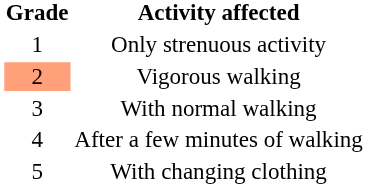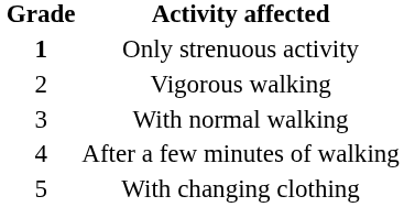 <table class=wikitable" style = "float: right; margin-left:15px; text-align:center">
 <tr>
 <th>Grade</th>
 <th>Activity affected</th>
 </tr>
 <tr>
-<td>1</td>
+<td><strong>1</strong></td>
 <td>Only strenuous activity</td>
 </tr>
 <tr>
-<td style="background: lightsalmon;">2</td>
+<td>2</td>
 <td>Vigorous walking</td>
 </tr>
 <tr>
 <td>3</td>
 <td>With normal walking</td>
 </tr>
 <tr>
 <td>4</td>
 <td>After a few minutes of walking</td>
 </tr>
 <tr>
 <td>5</td>
 <td>With changing clothing</td>
 </tr>
 </table>
